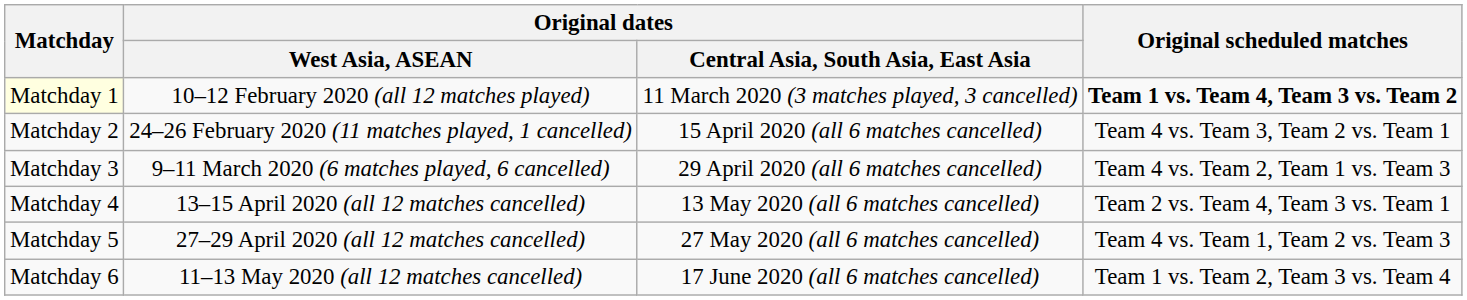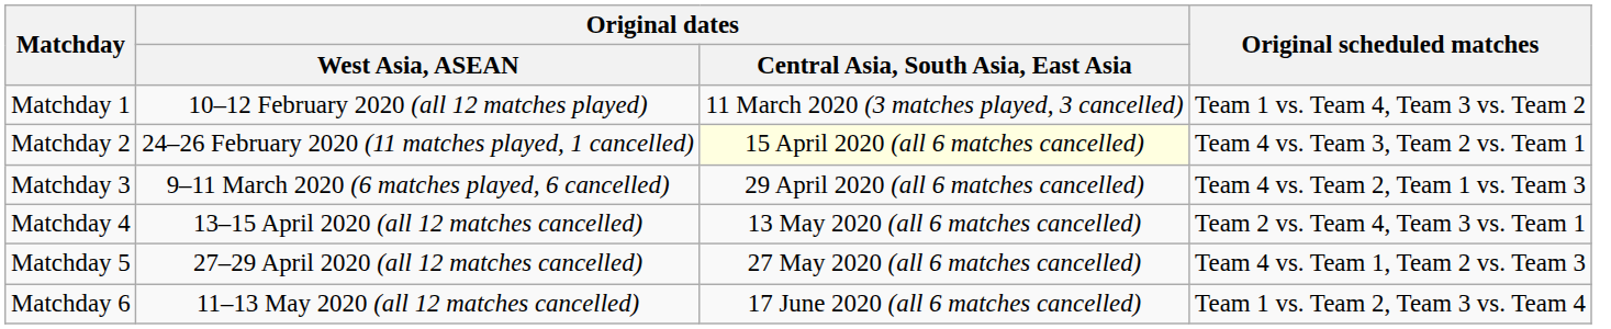 <table class="wikitable" style="text-align:center">
 <tr>
 <th rowspan=2>Matchday</th>
 <th colspan=2>Original dates</th>
 <th rowspan=2>Original scheduled matches</th>
 </tr>
 <tr>
 <th>West Asia, ASEAN</th>
 <th>Central Asia, South Asia, East Asia</th>
 </tr>
 <tr>
-<td style="background: lightyellow;">Matchday 1</td>
+<td>Matchday 1</td>
 <td>10–12 February 2020 <em>(all 12 matches played)</em></td>
 <td>11 March 2020 <em>(3 matches played, 3 cancelled)</em></td>
-<td><strong>Team 1 vs. Team 4, Team 3 vs. Team 2</strong></td>
+<td>Team 1 vs. Team 4, Team 3 vs. Team 2</td>
 </tr>
 <tr>
 <td>Matchday 2</td>
 <td>24–26 February 2020 <em>(11 matches played, 1 cancelled)</em></td>
-<td>15 April 2020 <em>(all 6 matches cancelled)</em></td>
+<td style="background: lightyellow;">15 April 2020 <em>(all 6 matches cancelled)</em></td>
 <td>Team 4 vs. Team 3, Team 2 vs. Team 1</td>
 </tr>
 <tr>
 <td>Matchday 3</td>
 <td>9–11 March 2020 <em>(6 matches played, 6 cancelled)</em></td>
 <td>29 April 2020 <em>(all 6 matches cancelled)</em></td>
 <td>Team 4 vs. Team 2, Team 1 vs. Team 3</td>
 </tr>
 <tr>
 <td>Matchday 4</td>
 <td>13–15 April 2020 <em>(all 12 matches cancelled)</em></td>
 <td>13 May 2020 <em>(all 6 matches cancelled)</em></td>
 <td>Team 2 vs. Team 4, Team 3 vs. Team 1</td>
 </tr>
 <tr>
 <td>Matchday 5</td>
 <td>27–29 April 2020 <em>(all 12 matches cancelled)</em></td>
 <td>27 May 2020 <em>(all 6 matches cancelled)</em></td>
 <td>Team 4 vs. Team 1, Team 2 vs. Team 3</td>
 </tr>
 <tr>
 <td>Matchday 6</td>
 <td>11–13 May 2020 <em>(all 12 matches cancelled)</em></td>
 <td>17 June 2020 <em>(all 6 matches cancelled)</em></td>
 <td>Team 1 vs. Team 2, Team 3 vs. Team 4</td>
 </tr>
 </table>
